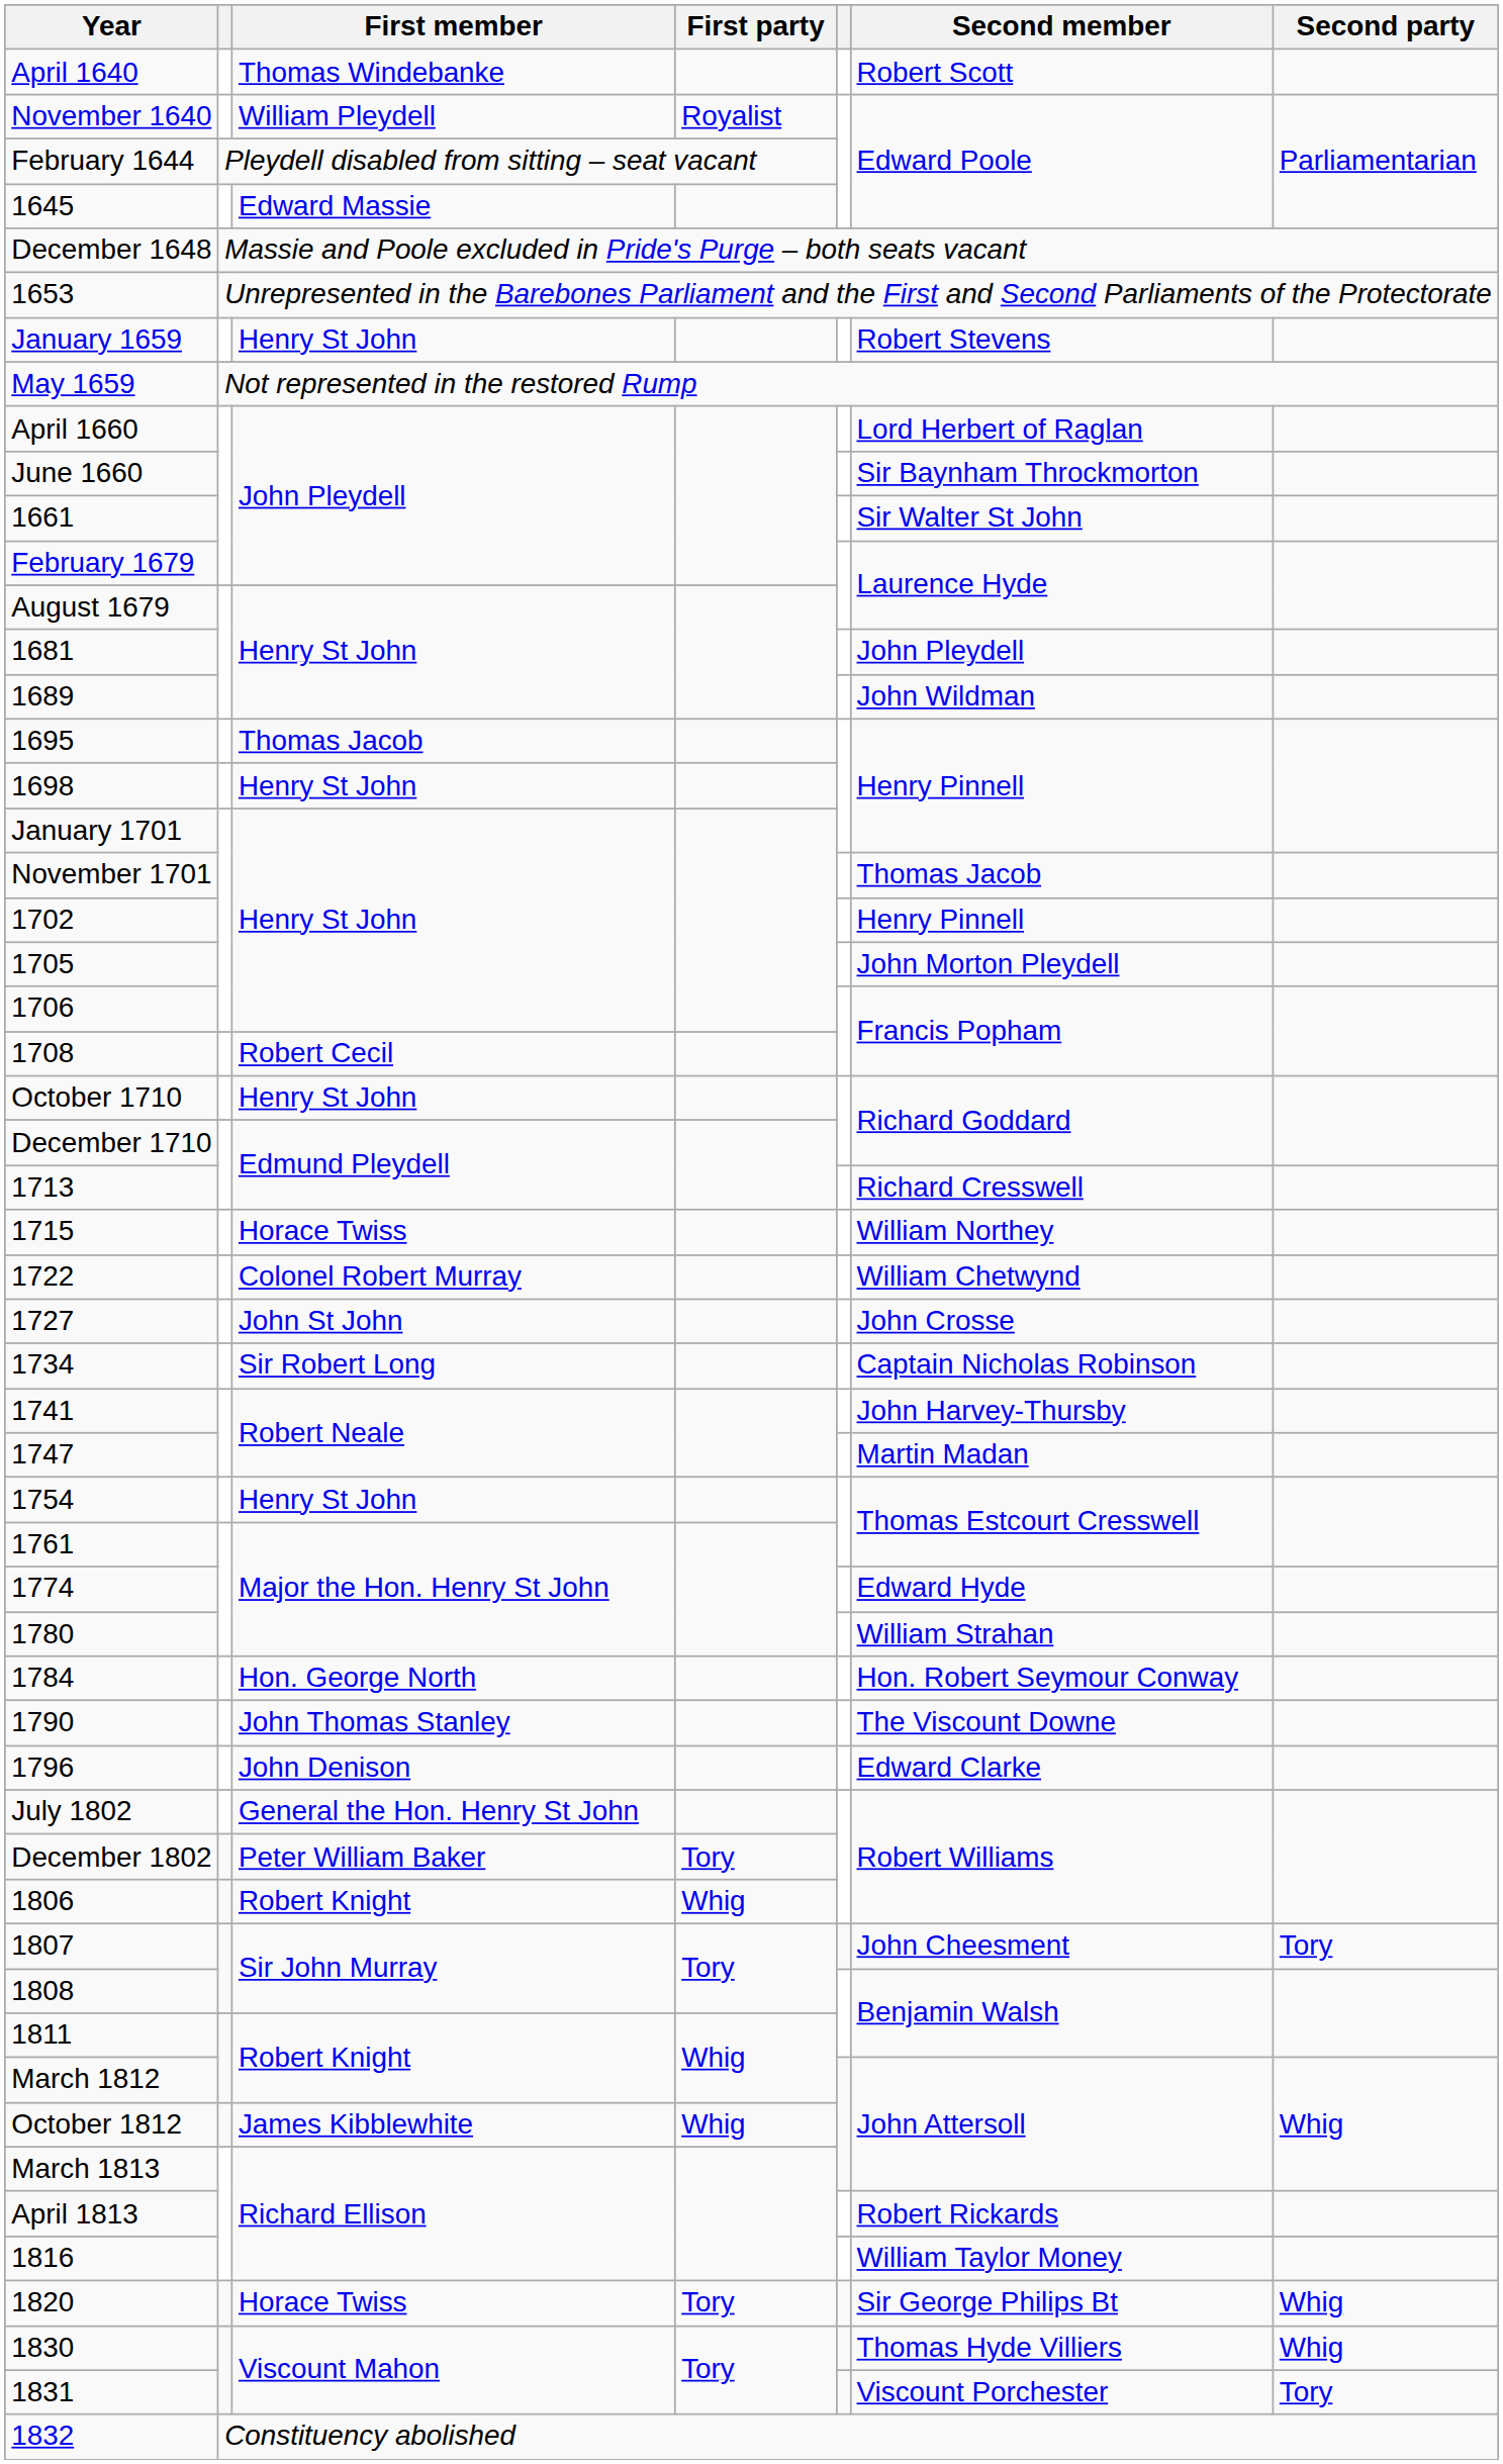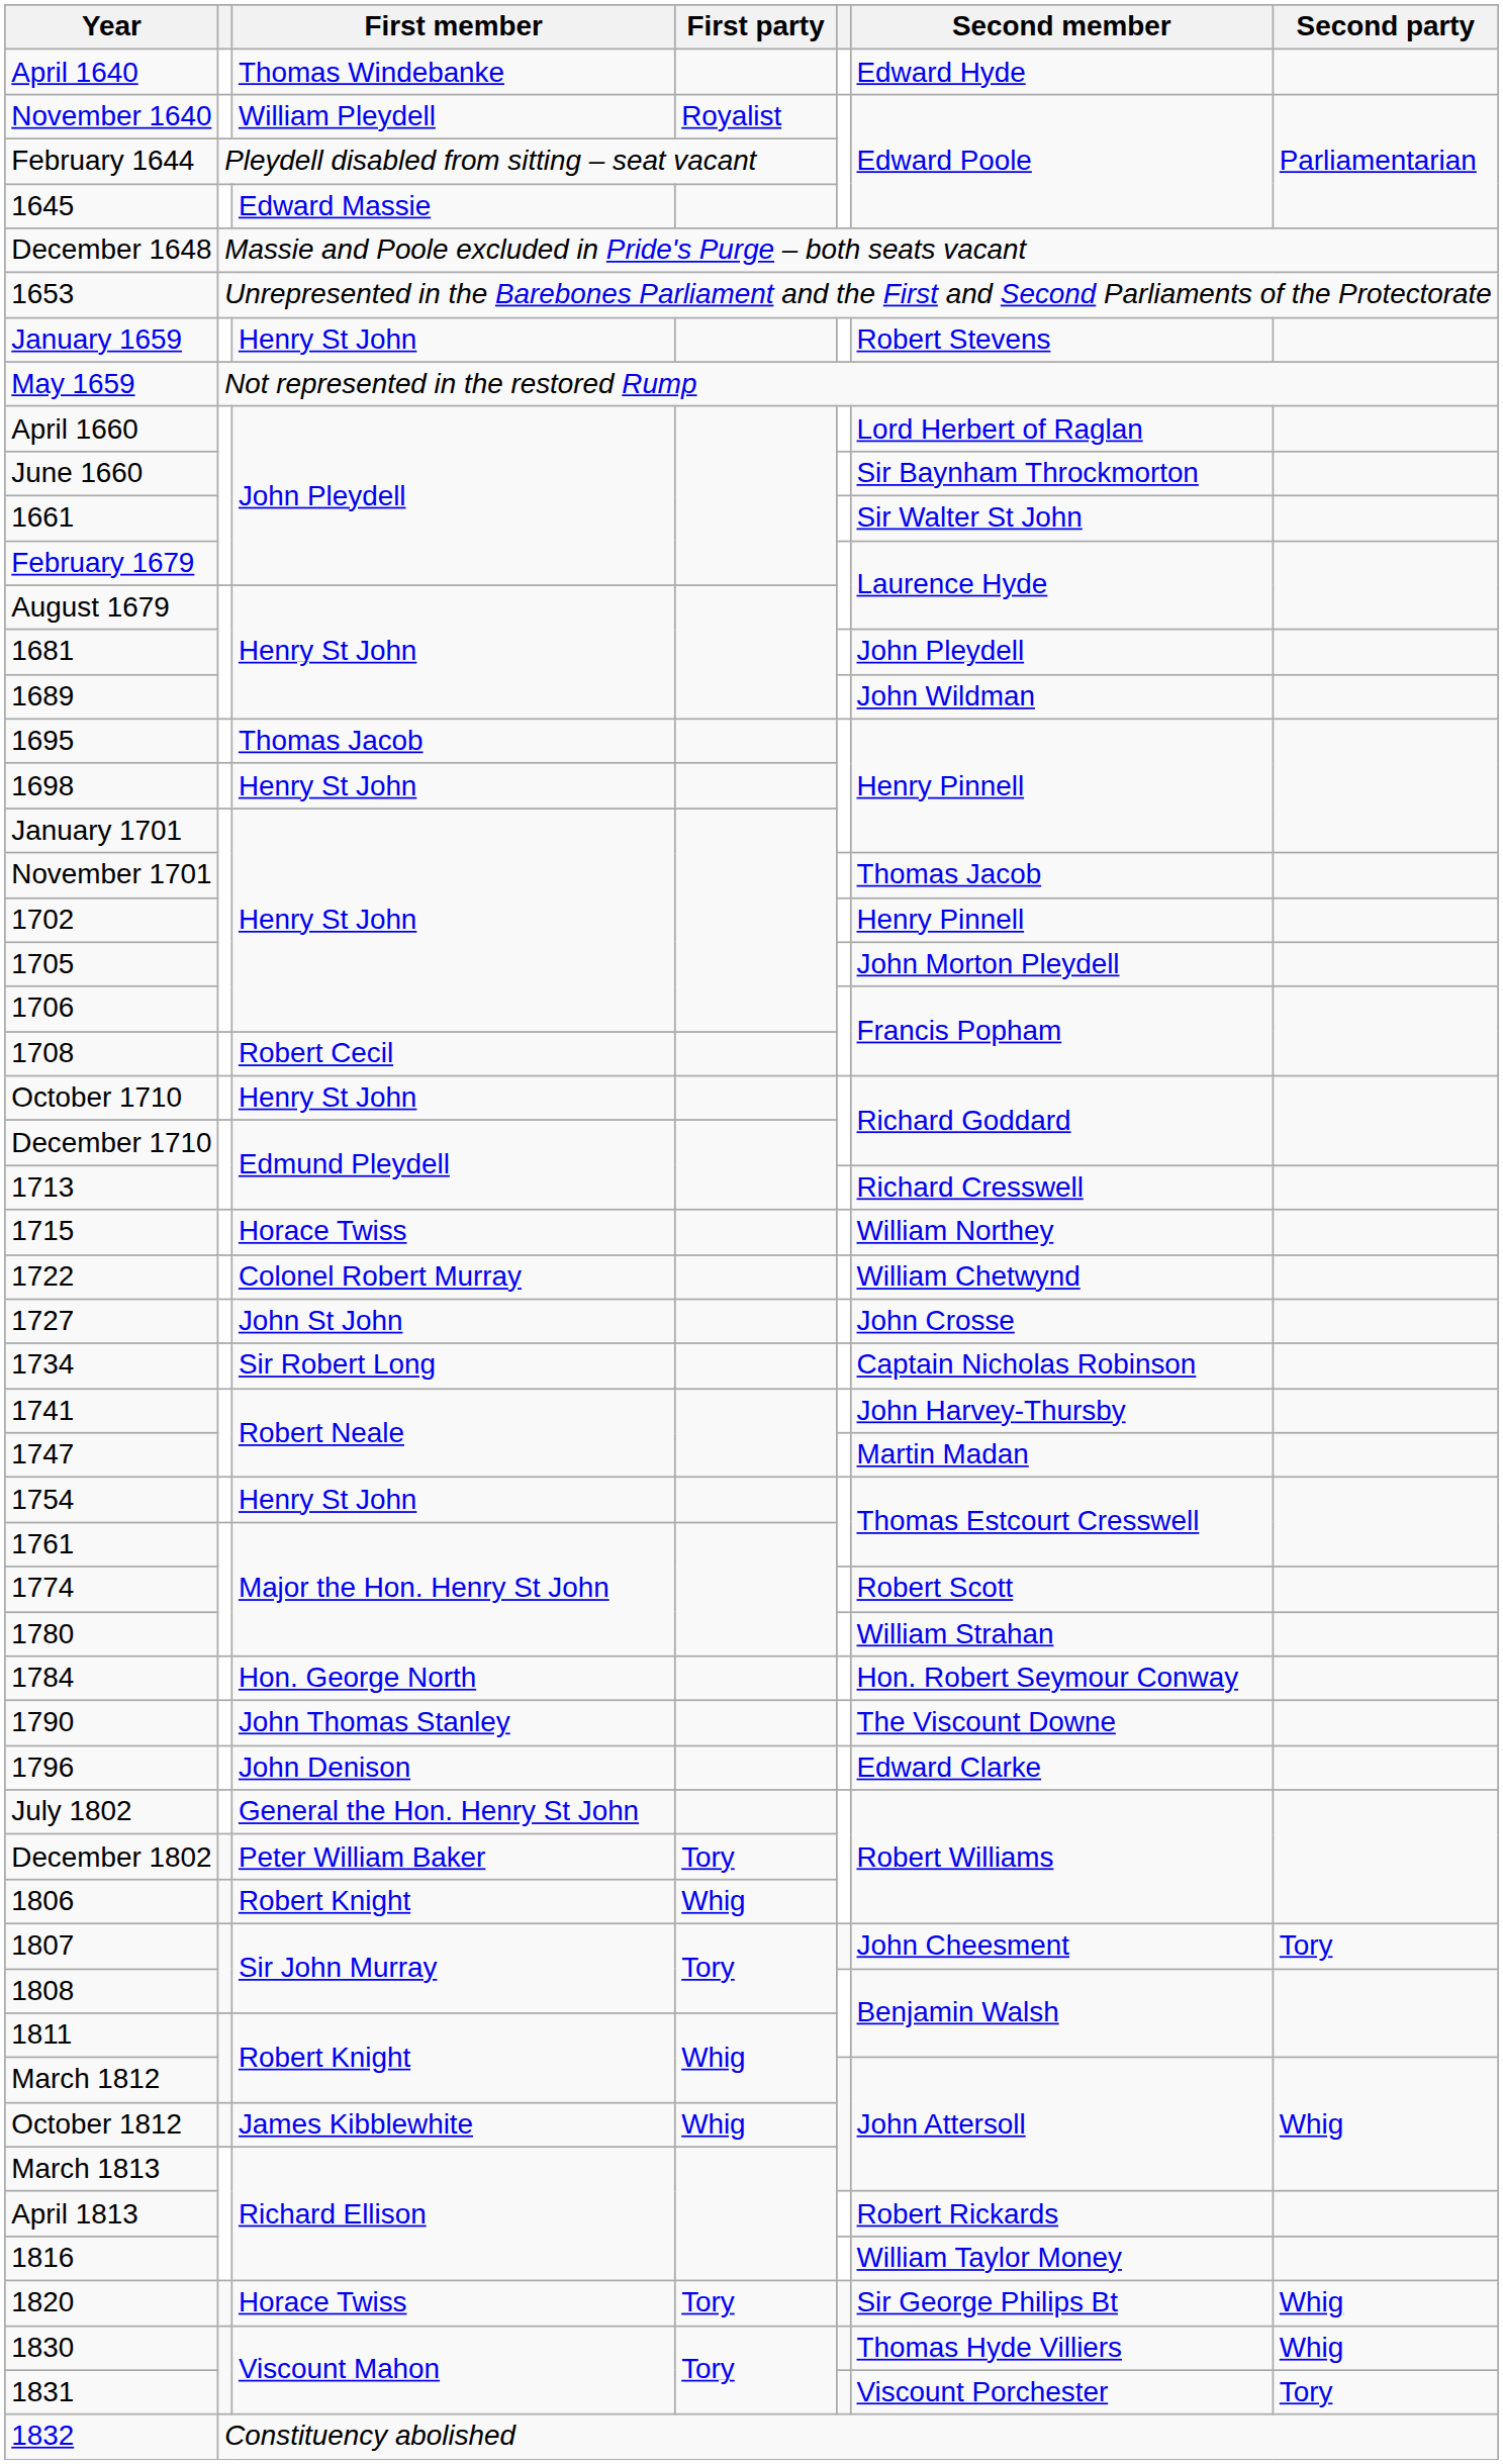 <table class="wikitable">
 <tr>
 <th>Year</th>
 <th></th>
 <th>First member</th>
 <th>First party</th>
 <th></th>
 <th>Second member</th>
 <th>Second party</th>
 </tr>
 <tr>
 <td><a href='#'>April 1640</a></td>
 <td style="color:inherit;background-color: white"></td>
 <td><a href='#'>Thomas Windebanke</a></td>
 <td></td>
 <td style="color:inherit;background-color: white"></td>
-<td><a href='#'>Robert Scott</a></td>
+<td><a href='#'>Edward Hyde</a></td>
 <td></td>
 </tr>
 <tr>
 <td><a href='#'>November 1640</a></td>
 <td style="color:inherit;background-color: white"></td>
 <td><a href='#'>William Pleydell</a></td>
 <td><a href='#'>Royalist</a></td>
 <td rowspan="3" style="color:inherit;background-color: white"></td>
 <td rowspan="3"><a href='#'>Edward Poole</a></td>
 <td rowspan="3"><a href='#'>Parliamentarian</a></td>
 </tr>
 <tr>
 <td>February 1644</td>
 <td colspan="3"><em>Pleydell disabled from sitting – seat vacant</em></td>
 </tr>
 <tr>
 <td>1645</td>
 <td style="color:inherit;background-color: white"></td>
 <td><a href='#'>Edward Massie</a></td>
 <td></td>
 </tr>
 <tr>
 <td>December 1648</td>
 <td colspan="6"><em>Massie and Poole excluded in <a href='#'>Pride's Purge</a> – both seats vacant</em></td>
 </tr>
 <tr>
 <td>1653</td>
 <td colspan="6"><em>Unrepresented in the <a href='#'>Barebones Parliament</a> and the <a href='#'>First</a> and <a href='#'>Second</a> Parliaments of the Protectorate</em></td>
 </tr>
 <tr>
 <td><a href='#'>January 1659</a></td>
 <td style="color:inherit;background-color: white"></td>
 <td><a href='#'>Henry St John</a></td>
 <td></td>
 <td style="color:inherit;background-color: white"></td>
 <td><a href='#'>Robert Stevens</a></td>
 <td></td>
 </tr>
 <tr>
 <td><a href='#'>May 1659</a></td>
 <td colspan="6"><em>Not represented in the restored <a href='#'>Rump</a></em></td>
 </tr>
 <tr>
 <td>April 1660</td>
 <td rowspan="4" style="color:inherit;background-color: white"></td>
 <td rowspan="4"><a href='#'>John Pleydell</a></td>
 <td rowspan="4"></td>
 <td style="color:inherit;background-color: white"></td>
 <td><a href='#'>Lord Herbert of Raglan</a></td>
 <td></td>
 </tr>
 <tr>
 <td>June 1660</td>
 <td style="color:inherit;background-color: white"></td>
 <td><a href='#'>Sir Baynham Throckmorton</a></td>
 <td></td>
 </tr>
 <tr>
 <td>1661</td>
 <td style="color:inherit;background-color: white"></td>
 <td><a href='#'>Sir Walter St John</a></td>
 <td></td>
 </tr>
 <tr>
 <td><a href='#'>February 1679</a></td>
 <td rowspan="2" style="color:inherit;background-color: white"></td>
 <td rowspan="2"><a href='#'>Laurence Hyde</a></td>
 <td rowspan="2"></td>
 </tr>
 <tr>
 <td>August 1679</td>
 <td rowspan="3" style="color:inherit;background-color: white"></td>
 <td rowspan="3"><a href='#'>Henry St John</a></td>
 <td rowspan="3"></td>
 </tr>
 <tr>
 <td>1681</td>
 <td style="color:inherit;background-color: white"></td>
 <td><a href='#'>John Pleydell</a></td>
 <td></td>
 </tr>
 <tr>
 <td>1689</td>
 <td style="color:inherit;background-color: white"></td>
 <td><a href='#'>John Wildman</a></td>
 <td></td>
 </tr>
 <tr>
 <td>1695</td>
 <td style="color:inherit;background-color: white"></td>
 <td><a href='#'>Thomas Jacob</a></td>
 <td></td>
 <td rowspan="3" style="color:inherit;background-color: white"></td>
 <td rowspan="3"><a href='#'>Henry Pinnell</a></td>
 <td rowspan="3"></td>
 </tr>
 <tr>
 <td>1698</td>
 <td style="color:inherit;background-color: white"></td>
 <td><a href='#'>Henry St John</a></td>
 <td></td>
 </tr>
 <tr>
 <td>January 1701</td>
 <td rowspan="5" style="color:inherit;background-color: white"></td>
 <td rowspan="5"><a href='#'>Henry St John</a></td>
 <td rowspan="5"></td>
 </tr>
 <tr>
 <td>November 1701</td>
 <td style="color:inherit;background-color: white"></td>
 <td><a href='#'>Thomas Jacob</a></td>
 <td></td>
 </tr>
 <tr>
 <td>1702</td>
 <td style="color:inherit;background-color: white"></td>
 <td><a href='#'>Henry Pinnell</a></td>
 <td></td>
 </tr>
 <tr>
 <td>1705</td>
 <td style="color:inherit;background-color: white"></td>
 <td><a href='#'>John Morton Pleydell</a></td>
 <td></td>
 </tr>
 <tr>
 <td>1706</td>
 <td rowspan="2" style="color:inherit;background-color: white"></td>
 <td rowspan="2"><a href='#'>Francis Popham</a></td>
 <td rowspan="2"></td>
 </tr>
 <tr>
 <td>1708</td>
 <td style="color:inherit;background-color: white"></td>
 <td><a href='#'>Robert Cecil</a></td>
 <td></td>
 </tr>
 <tr>
 <td>October 1710</td>
 <td style="color:inherit;background-color: white"></td>
 <td><a href='#'>Henry St John</a></td>
 <td></td>
 <td rowspan="2" style="color:inherit;background-color: white"></td>
 <td rowspan="2"><a href='#'>Richard Goddard</a></td>
 <td rowspan="2"></td>
 </tr>
 <tr>
 <td>December 1710</td>
 <td rowspan="2" style="color:inherit;background-color: white"></td>
 <td rowspan="2"><a href='#'>Edmund Pleydell</a></td>
 <td rowspan="2"></td>
 </tr>
 <tr>
 <td>1713</td>
 <td style="color:inherit;background-color: white"></td>
 <td><a href='#'>Richard Cresswell</a></td>
 <td></td>
 </tr>
 <tr>
 <td>1715</td>
 <td style="color:inherit;background-color: white"></td>
 <td><a href='#'>Horace Twiss</a></td>
 <td></td>
 <td style="color:inherit;background-color: white"></td>
 <td><a href='#'>William Northey</a></td>
 <td></td>
 </tr>
 <tr>
 <td>1722</td>
 <td style="color:inherit;background-color: white"></td>
 <td><a href='#'>Colonel Robert Murray</a></td>
 <td></td>
 <td style="color:inherit;background-color: white"></td>
 <td><a href='#'>William Chetwynd</a></td>
 <td></td>
 </tr>
 <tr>
 <td>1727</td>
 <td style="color:inherit;background-color: white"></td>
 <td><a href='#'>John St John</a></td>
 <td></td>
 <td style="color:inherit;background-color: white"></td>
 <td><a href='#'>John Crosse</a></td>
 <td></td>
 </tr>
 <tr>
 <td>1734</td>
 <td style="color:inherit;background-color: white"></td>
 <td><a href='#'>Sir Robert Long</a></td>
 <td></td>
 <td style="color:inherit;background-color: white"></td>
 <td><a href='#'>Captain Nicholas Robinson</a></td>
 <td></td>
 </tr>
 <tr>
 <td>1741</td>
 <td rowspan="2" style="color:inherit;background-color: white"></td>
 <td rowspan="2"><a href='#'>Robert Neale</a></td>
 <td rowspan="2"></td>
 <td style="color:inherit;background-color: white"></td>
 <td><a href='#'>John Harvey-Thursby</a></td>
 <td></td>
 </tr>
 <tr>
 <td>1747</td>
 <td style="color:inherit;background-color: white"></td>
 <td><a href='#'>Martin Madan</a></td>
 <td></td>
 </tr>
 <tr>
 <td>1754</td>
 <td style="color:inherit;background-color: white"></td>
 <td><a href='#'>Henry St John</a></td>
 <td></td>
 <td rowspan="2" style="color:inherit;background-color: white"></td>
 <td rowspan="2"><a href='#'>Thomas Estcourt Cresswell</a></td>
 <td rowspan="2"></td>
 </tr>
 <tr>
 <td>1761</td>
 <td rowspan="3" style="color:inherit;background-color: white"></td>
 <td rowspan="3"><a href='#'>Major the Hon. Henry St John</a></td>
 <td rowspan="3"></td>
 </tr>
 <tr>
 <td>1774</td>
 <td style="color:inherit;background-color: white"></td>
-<td><a href='#'>Edward Hyde</a></td>
+<td><a href='#'>Robert Scott</a></td>
 <td></td>
 </tr>
 <tr>
 <td>1780</td>
 <td style="color:inherit;background-color: white"></td>
 <td><a href='#'>William Strahan</a></td>
 <td></td>
 </tr>
 <tr>
 <td>1784</td>
 <td style="color:inherit;background-color: white"></td>
 <td><a href='#'>Hon. George North</a></td>
 <td></td>
 <td style="color:inherit;background-color: white"></td>
 <td><a href='#'>Hon. Robert Seymour Conway</a></td>
 <td></td>
 </tr>
 <tr>
 <td>1790</td>
 <td style="color:inherit;background-color: white"></td>
 <td><a href='#'>John Thomas Stanley</a></td>
 <td></td>
 <td style="color:inherit;background-color: white"></td>
 <td><a href='#'>The Viscount Downe</a></td>
 <td></td>
 </tr>
 <tr>
 <td>1796</td>
 <td style="color:inherit;background-color: white"></td>
 <td><a href='#'>John Denison</a></td>
 <td></td>
 <td style="color:inherit;background-color: white"></td>
 <td><a href='#'>Edward Clarke</a></td>
 <td></td>
 </tr>
 <tr>
 <td>July 1802</td>
 <td style="color:inherit;background-color: white"></td>
 <td><a href='#'>General the Hon. Henry St John</a></td>
 <td></td>
 <td rowspan="3" style="color:inherit;background-color: white"></td>
 <td rowspan="3"><a href='#'>Robert Williams</a></td>
 <td rowspan="3"></td>
 </tr>
 <tr>
 <td>December 1802</td>
 <td style="color:inherit;background-color: "></td>
 <td><a href='#'>Peter William Baker</a></td>
 <td><a href='#'>Tory</a></td>
 </tr>
 <tr>
 <td>1806</td>
 <td style="color:inherit;background-color: "></td>
 <td><a href='#'>Robert Knight</a></td>
 <td><a href='#'>Whig</a></td>
 </tr>
 <tr>
 <td>1807</td>
 <td rowspan="2" style="color:inherit;background-color: "></td>
 <td rowspan="2"><a href='#'>Sir John Murray</a></td>
 <td rowspan="2"><a href='#'>Tory</a></td>
 <td style="color:inherit;background-color: "></td>
 <td><a href='#'>John Cheesment</a></td>
 <td><a href='#'>Tory</a></td>
 </tr>
 <tr>
 <td>1808</td>
 <td rowspan="2" style="color:inherit;background-color: white"></td>
 <td rowspan="2"><a href='#'>Benjamin Walsh</a></td>
 <td rowspan="2"></td>
 </tr>
 <tr>
 <td>1811</td>
 <td rowspan="2" style="color:inherit;background-color: "></td>
 <td rowspan="2"><a href='#'>Robert Knight</a></td>
 <td rowspan="2"><a href='#'>Whig</a></td>
 </tr>
 <tr>
 <td>March 1812</td>
 <td rowspan="3" style="color:inherit;background-color: "></td>
 <td rowspan="3"><a href='#'>John Attersoll</a></td>
 <td rowspan="3"><a href='#'>Whig</a></td>
 </tr>
 <tr>
 <td>October 1812</td>
 <td style="color:inherit;background-color: "></td>
 <td><a href='#'>James Kibblewhite</a></td>
 <td><a href='#'>Whig</a></td>
 </tr>
 <tr>
 <td>March 1813</td>
 <td rowspan="3" style="color:inherit;background-color: white"></td>
 <td rowspan="3"><a href='#'>Richard Ellison</a></td>
 <td rowspan="3"></td>
 </tr>
 <tr>
 <td>April 1813</td>
 <td style="color:inherit;background-color: white"></td>
 <td><a href='#'>Robert Rickards</a></td>
 <td></td>
 </tr>
 <tr>
 <td>1816</td>
 <td style="color:inherit;background-color: white"></td>
 <td><a href='#'>William Taylor Money</a></td>
 <td></td>
 </tr>
 <tr>
 <td>1820</td>
 <td style="color:inherit;background-color: "></td>
 <td><a href='#'>Horace Twiss</a></td>
 <td><a href='#'>Tory</a></td>
 <td style="color:inherit;background-color: "></td>
 <td><a href='#'>Sir George Philips Bt</a></td>
 <td><a href='#'>Whig</a></td>
 </tr>
 <tr>
 <td>1830</td>
 <td rowspan="2" style="color:inherit;background-color: "></td>
 <td rowspan="2"><a href='#'>Viscount Mahon</a></td>
 <td rowspan="2"><a href='#'>Tory</a></td>
 <td style="color:inherit;background-color: "></td>
 <td><a href='#'>Thomas Hyde Villiers</a></td>
 <td><a href='#'>Whig</a></td>
 </tr>
 <tr>
 <td>1831</td>
 <td style="color:inherit;background-color: "></td>
 <td><a href='#'>Viscount Porchester</a></td>
 <td><a href='#'>Tory</a></td>
 </tr>
 <tr>
 <td><a href='#'>1832</a></td>
 <td colspan="6"><em>Constituency abolished</em></td>
 </tr>
 </table>
